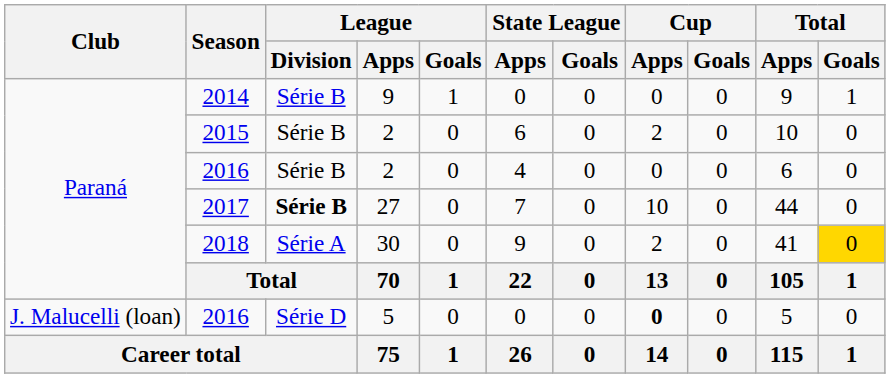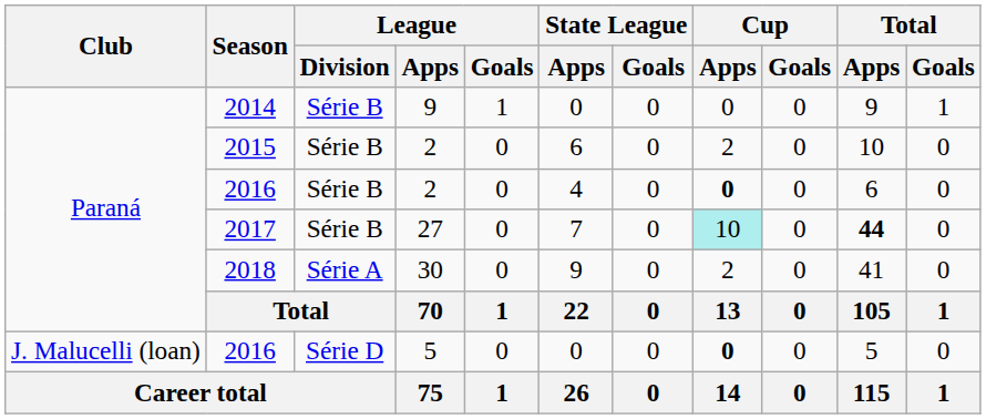 <table class="wikitable" style="text-align: center;">
 <tr>
 <th rowspan="2">Club</th>
 <th rowspan="2">Season</th>
 <th colspan="3">League</th>
 <th colspan="2">State League</th>
 <th colspan="2">Cup</th>
 <th colspan="2">Total</th>
 </tr>
 <tr>
 <th>Division</th>
 <th>Apps</th>
 <th>Goals</th>
 <th>Apps</th>
 <th>Goals</th>
 <th>Apps</th>
 <th>Goals</th>
 <th>Apps</th>
 <th>Goals</th>
 </tr>
 <tr>
 <td rowspan="6"><a href='#'>Paraná</a></td>
 <td><a href='#'>2014</a></td>
 <td><a href='#'>Série B</a></td>
 <td>9</td>
 <td>1</td>
 <td>0</td>
 <td>0</td>
 <td>0</td>
 <td>0</td>
 <td>9</td>
 <td>1</td>
 </tr>
 <tr>
 <td><a href='#'>2015</a></td>
 <td>Série B</td>
 <td>2</td>
 <td>0</td>
 <td>6</td>
 <td>0</td>
 <td>2</td>
 <td>0</td>
 <td>10</td>
 <td>0</td>
 </tr>
 <tr>
 <td><a href='#'>2016</a></td>
 <td>Série B</td>
 <td>2</td>
 <td>0</td>
 <td>4</td>
 <td>0</td>
-<td>0</td>
+<td><strong>0</strong></td>
 <td>0</td>
 <td>6</td>
 <td>0</td>
 </tr>
 <tr>
 <td><a href='#'>2017</a></td>
-<td><strong>Série B</strong></td>
+<td>Série B</td>
 <td>27</td>
 <td>0</td>
 <td>7</td>
 <td>0</td>
-<td>10</td>
+<td style="background: paleturquoise;">10</td>
 <td>0</td>
-<td>44</td>
+<td><strong>44</strong></td>
 <td>0</td>
 </tr>
 <tr>
 <td><a href='#'>2018</a></td>
 <td><a href='#'>Série A</a></td>
 <td>30</td>
 <td>0</td>
 <td>9</td>
 <td>0</td>
 <td>2</td>
 <td>0</td>
 <td>41</td>
-<td style="background: gold;">0</td>
+<td>0</td>
 </tr>
 <tr>
 <th colspan="2">Total</th>
 <th>70</th>
 <th>1</th>
 <th>22</th>
 <th>0</th>
 <th>13</th>
 <th>0</th>
 <th>105</th>
 <th>1</th>
 </tr>
 <tr>
 <td><a href='#'>J. Malucelli</a> (loan)</td>
 <td><a href='#'>2016</a></td>
 <td><a href='#'>Série D</a></td>
 <td>5</td>
 <td>0</td>
 <td>0</td>
 <td>0</td>
 <td><strong>0</strong></td>
 <td>0</td>
 <td>5</td>
 <td>0</td>
 </tr>
 <tr>
 <th colspan="3">Career total</th>
 <th>75</th>
 <th>1</th>
 <th>26</th>
 <th>0</th>
 <th>14</th>
 <th>0</th>
 <th>115</th>
 <th>1</th>
 </tr>
 </table>
